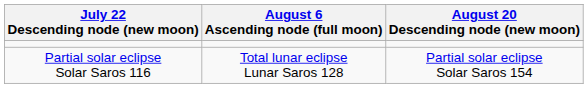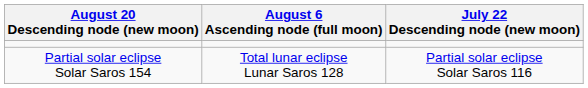 <table class="wikitable">
 <tr>
+<th><a href='#'>August 20</a><br>Descending node (new moon)<br></th>
+<th><a href='#'>August 6</a><br>Ascending node (full moon)<br></th>
 <th><a href='#'>July 22</a><br>Descending node (new moon)<br></th>
-<th><a href='#'>August 6</a><br>Ascending node (full moon)<br></th>
-<th><a href='#'>August 20</a><br>Descending node (new moon)<br></th>
 </tr>
 <tr>
 <td></td>
 <td></td>
 <td></td>
 </tr>
 <tr align=center>
+<td><a href='#'>Partial solar eclipse</a><br>Solar Saros 154</td>
+<td><a href='#'>Total lunar eclipse</a><br>Lunar Saros 128</td>
 <td><a href='#'>Partial solar eclipse</a><br>Solar Saros 116</td>
-<td><a href='#'>Total lunar eclipse</a><br>Lunar Saros 128</td>
-<td><a href='#'>Partial solar eclipse</a><br>Solar Saros 154</td>
 </tr>
 </table>
